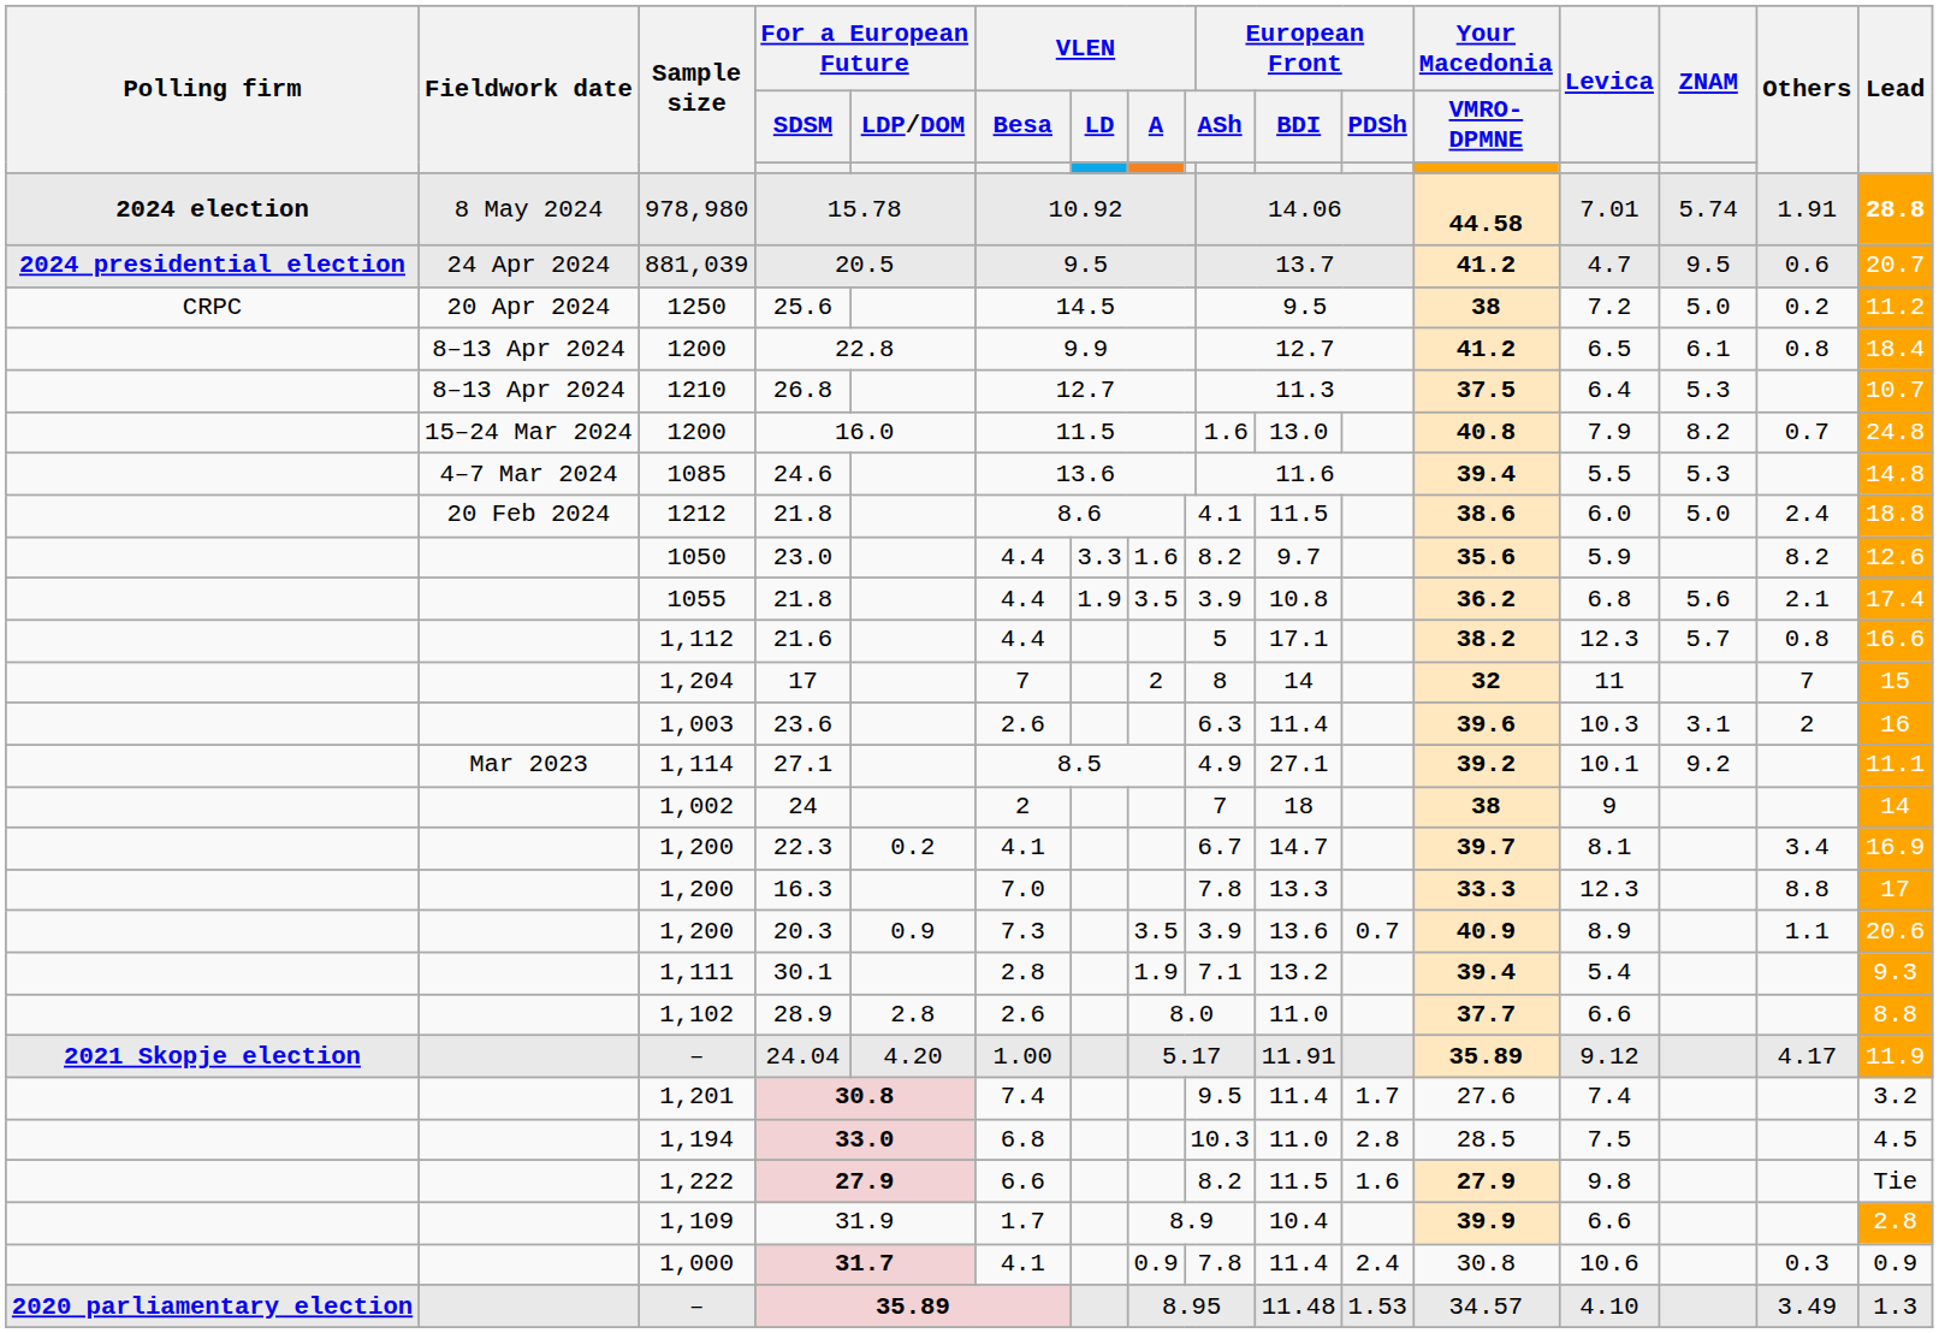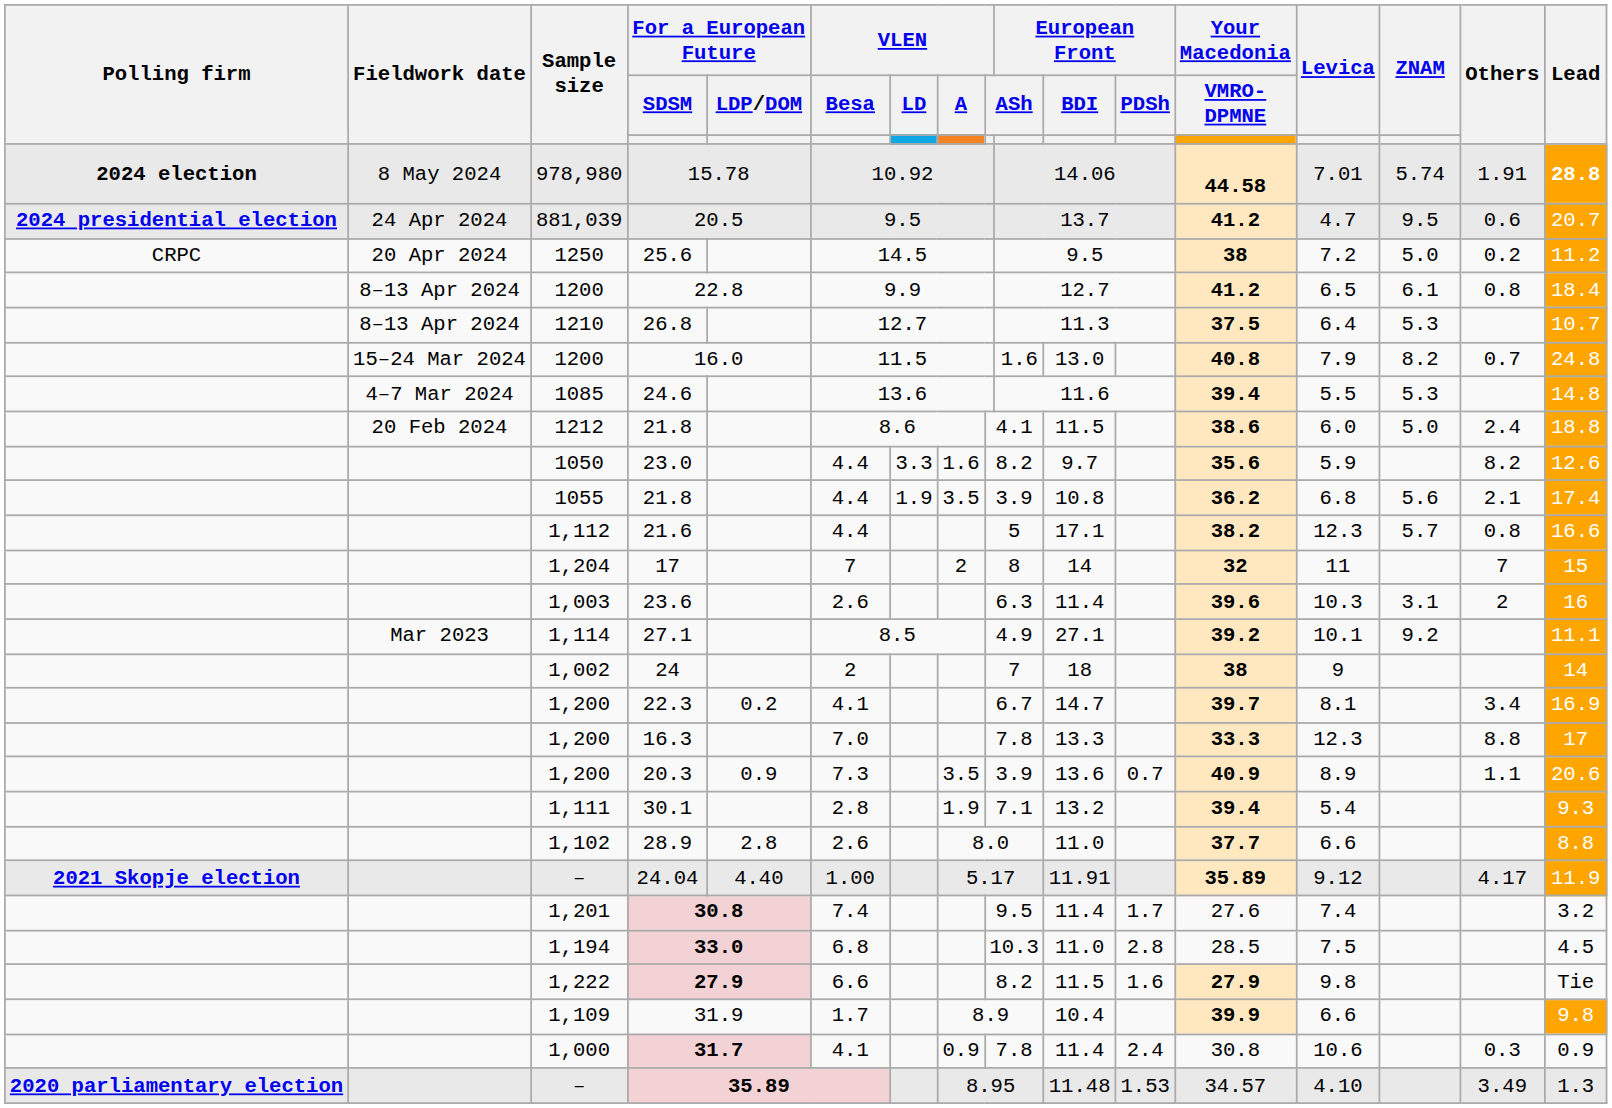 <table class="wikitable sortable tpl-blanktablele" style="text-align:center;font-size:90%;line-height:14px;">
 <tr style="height:40px;">
 <th rowspan=3>Polling firm</th>
 <th rowspan=3>Fieldwork date</th>
 <th rowspan=3>Sample<br>size</th>
 <th colspan=2><a href='#'>For a European<br>Future</a></th>
 <th colspan=4><a href='#'>VLEN</a></th>
 <th colspan=3><a href='#'>European<br>Front</a></th>
 <th class="unsortable" style="width:40px;"><a href='#'>Your Macedonia</a></th>
 <th class="unsortable" style="width:40px;" rowspan=2><a href='#'>Levica</a></th>
 <th class="unsortable" style="width:40px;" rowspan=2><a href='#'>ZNAM</a></th>
 <th class="unsortable" style="width:30px;"  rowspan=3>Others</th>
 <th style="width:30px;" rowspan=3>Lead</th>
 </tr>
 <tr>
 <th class="unsortable" style="width:40px;"><a href='#'>SDSM</a></th>
 <th><a href='#'>LDP</a>/<a href='#'>DOM</a></th>
 <th class="unsortable" style="width:40px;"><a href='#'>Besa</a></th>
 <th><a href='#'>LD</a></th>
 <th><a href='#'>A</a></th>
 <th colspan=2><a href='#'>ASh</a></th>
 <th><a href='#'>BDI</a></th>
 <th><a href='#'>PDSh</a></th>
 <th class="unsortable" style="width:40px;"><a href='#'>VMRO-DPMNE</a></th>
 </tr>
 <tr>
 <th style="background:"></th>
 <th style="background:"></th>
 <th style="background:"></th>
 <th style="background:#0DA8E5;"></th>
 <th style="background:#F58220;"></th>
 <th style="background:"></th>
 <th style="background:"></th>
 <th style="background:"></th>
 <th style="background:"></th>
 <th style="background:#FFA500;"></th>
 <th style="background:"></th>
 <th style="background:"></th>
 </tr>
 <tr style="background:#E9E9E9;">
 <td><strong>2024 election</strong></td>
 <td>8 May 2024</td>
 <td>978,980</td>
 <td colspan="2">15.78</td>
 <td colspan="4">10.92</td>
 <td colspan="3">14.06</td>
 <td style="background:#FFE8BF"><br><strong>44.58</strong></td>
 <td>7.01</td>
 <td>5.74</td>
 <td>1.91</td>
 <td style="background:#FFA500;color:#FFFFFF;"><strong>28.8</strong></td>
 </tr>
 <tr style="background:#E9E9E9;">
 <td><strong><a href='#'>2024 presidential election</a></strong></td>
 <td>24 Apr 2024</td>
 <td>881,039</td>
 <td colspan=2>20.5</td>
 <td colspan=4>9.5</td>
 <td colspan=3>13.7</td>
 <td style="background:#FFE8BF"><strong>41.2</strong></td>
 <td>4.7</td>
 <td>9.5</td>
 <td>0.6 </td>
 <td style="background:#FFA500;color:#FFFFFF;">20.7</td>
 </tr>
 <tr>
 <td>CRPC</td>
 <td>20 Apr 2024</td>
 <td>1250</td>
 <td>25.6</td>
 <td></td>
 <td colspan=4>14.5</td>
 <td colspan=3>9.5</td>
 <td style="background:#FFE8BF;"><strong>38</strong></td>
 <td>7.2</td>
 <td>5.0</td>
 <td>0.2</td>
 <td style="background:#FFA500;color:#FFFFFF;">11.2</td>
 </tr>
 <tr>
 <td></td>
 <td>8–13 Apr 2024</td>
 <td>1200</td>
 <td colspan="2">22.8</td>
 <td colspan="4">9.9</td>
 <td colspan="3">12.7</td>
 <td style="background:#FFE8BF;"><strong>41.2</strong></td>
 <td>6.5</td>
 <td>6.1</td>
 <td>0.8</td>
 <td style="background:#FFA500;color:#FFFFFF;">18.4</td>
 </tr>
 <tr>
 <td></td>
 <td>8–13 Apr 2024</td>
 <td>1210</td>
 <td>26.8</td>
 <td></td>
 <td colspan=4>12.7</td>
 <td colspan=3>11.3</td>
 <td style="background:#FFE8BF;"><strong>37.5</strong></td>
 <td>6.4</td>
 <td>5.3</td>
 <td></td>
 <td style="background:#FFA500;color:#FFFFFF;">10.7</td>
 </tr>
 <tr>
 <td></td>
 <td>15–24 Mar 2024</td>
 <td>1200</td>
 <td colspan=2>16.0</td>
 <td colspan=4>11.5</td>
 <td>1.6</td>
 <td>13.0</td>
 <td></td>
 <td style="background:#FFE8BF;"><strong>40.8</strong></td>
 <td>7.9</td>
 <td>8.2</td>
 <td>0.7</td>
 <td style="background:#FFA500;color:#FFFFFF;">24.8</td>
 </tr>
 <tr>
 <td></td>
 <td>4–7 Mar 2024</td>
 <td>1085</td>
 <td>24.6</td>
 <td></td>
 <td colspan=4>13.6</td>
 <td colspan=3>11.6</td>
 <td style="background:#FFE8BF;"><strong>39.4</strong></td>
 <td>5.5</td>
 <td>5.3</td>
 <td></td>
 <td style="background:#FFA500;color:#FFFFFF;">14.8</td>
 </tr>
 <tr>
 <td></td>
 <td>20 Feb 2024</td>
 <td>1212</td>
 <td>21.8</td>
 <td></td>
 <td colspan=3>8.6</td>
 <td colspan=2>4.1</td>
 <td>11.5</td>
 <td></td>
 <td style="background:#FFE8BF;"><strong>38.6</strong></td>
 <td>6.0</td>
 <td>5.0</td>
 <td>2.4</td>
 <td style="background:#FFA500;color:#FFFFFF;">18.8</td>
 </tr>
 <tr>
 <td></td>
 <td></td>
 <td>1050</td>
 <td>23.0</td>
 <td></td>
 <td>4.4</td>
 <td>3.3</td>
 <td>1.6</td>
 <td colspan=2>8.2</td>
 <td>9.7</td>
 <td></td>
 <td style="background:#FFE8BF;"><strong>35.6</strong></td>
 <td>5.9</td>
 <td></td>
 <td>8.2</td>
 <td style="background:#FFA500;color:#FFFFFF;">12.6</td>
 </tr>
 <tr>
 <td></td>
 <td></td>
 <td>1055</td>
 <td>21.8</td>
 <td></td>
 <td>4.4</td>
 <td>1.9</td>
 <td>3.5</td>
 <td colspan=2>3.9</td>
 <td>10.8</td>
 <td></td>
 <td style="background:#FFE8BF;"><strong>36.2</strong></td>
 <td>6.8</td>
 <td>5.6</td>
 <td>2.1</td>
 <td style="background:#FFA500;color:#FFFFFF;">17.4</td>
 </tr>
 <tr>
 <td></td>
 <td></td>
 <td>1,112</td>
 <td>21.6</td>
 <td></td>
 <td>4.4</td>
 <td></td>
 <td></td>
 <td colspan=2>5</td>
 <td>17.1</td>
 <td></td>
 <td style="background:#FFE8BF;"><strong>38.2</strong></td>
 <td>12.3</td>
 <td>5.7</td>
 <td>0.8</td>
 <td style="background:#FFA500;color:#FFFFFF;">16.6</td>
 </tr>
 <tr>
 <td></td>
 <td></td>
 <td>1,204</td>
 <td>17</td>
 <td></td>
 <td>7</td>
 <td></td>
 <td>2</td>
 <td colspan=2>8</td>
 <td>14</td>
 <td></td>
 <td style="background:#FFE8BF;"><strong>32</strong></td>
 <td>11</td>
 <td></td>
 <td>7</td>
 <td style="background:#FFA500;color:#FFFFFF;">15</td>
 </tr>
 <tr>
 <td></td>
 <td></td>
 <td>1,003</td>
 <td>23.6</td>
 <td></td>
 <td>2.6</td>
 <td></td>
 <td></td>
 <td colspan=2>6.3</td>
 <td>11.4</td>
 <td></td>
 <td style="background:#FFE8BF;"><strong>39.6</strong></td>
 <td>10.3</td>
 <td>3.1</td>
 <td>2</td>
 <td style="background:#FFA500;color:#FFFFFF;">16</td>
 </tr>
 <tr>
 <td></td>
 <td>Mar 2023</td>
 <td>1,114</td>
 <td>27.1</td>
 <td></td>
 <td colspan=3>8.5</td>
 <td colspan=2>4.9</td>
 <td>27.1</td>
 <td></td>
 <td style="background:#FFE8BF;"><strong>39.2</strong></td>
 <td>10.1</td>
 <td>9.2</td>
 <td></td>
 <td style="background:#FFA500;color:#FFFFFF;">11.1</td>
 </tr>
 <tr>
 <td></td>
 <td></td>
 <td>1,002</td>
 <td>24</td>
 <td></td>
 <td>2</td>
 <td></td>
 <td></td>
 <td colspan=2>7</td>
 <td>18</td>
 <td></td>
 <td style="background:#FFE8BF;"><strong>38</strong></td>
 <td>9</td>
 <td></td>
 <td></td>
 <td style="background:#FFA500;color:#FFFFFF;">14</td>
 </tr>
 <tr>
 <td></td>
 <td></td>
 <td>1,200</td>
 <td>22.3</td>
 <td>0.2</td>
 <td>4.1</td>
 <td></td>
 <td></td>
 <td colspan=2>6.7</td>
 <td>14.7</td>
 <td></td>
 <td style="background:#FFE8BF;"><strong>39.7</strong></td>
 <td>8.1</td>
 <td></td>
 <td>3.4</td>
 <td style="background:#FFA500;color:#FFFFFF;">16.9</td>
 </tr>
 <tr>
 <td></td>
 <td></td>
 <td>1,200</td>
 <td>16.3</td>
 <td></td>
 <td>7.0</td>
 <td></td>
 <td></td>
 <td colspan=2>7.8</td>
 <td>13.3</td>
 <td></td>
 <td style="background:#FFE8BF;"><strong>33.3</strong></td>
 <td>12.3</td>
 <td></td>
 <td>8.8</td>
 <td style="background:#FFA500;color:#FFFFFF;">17</td>
 </tr>
 <tr>
 <td></td>
 <td></td>
 <td>1,200</td>
 <td>20.3</td>
 <td>0.9</td>
 <td>7.3</td>
 <td></td>
 <td>3.5</td>
 <td colspan=2>3.9</td>
 <td>13.6</td>
 <td>0.7</td>
 <td style="background:#FFE8BF;"><strong>40.9</strong></td>
 <td>8.9</td>
 <td></td>
 <td>1.1</td>
 <td style="background:#FFA500;color:#FFFFFF;">20.6</td>
 </tr>
 <tr>
 <td></td>
 <td></td>
 <td>1,111</td>
 <td>30.1</td>
 <td></td>
 <td>2.8</td>
 <td></td>
 <td>1.9</td>
 <td colspan=2>7.1</td>
 <td>13.2</td>
 <td></td>
 <td style="background:#FFE8BF;"><strong>39.4</strong></td>
 <td>5.4</td>
 <td></td>
 <td></td>
 <td style="background:#FFA500;color:#FFFFFF;">9.3</td>
 </tr>
 <tr>
 <td></td>
 <td></td>
 <td>1,102</td>
 <td>28.9</td>
 <td>2.8</td>
 <td>2.6</td>
 <td></td>
 <td colspan="3">8.0</td>
 <td>11.0</td>
 <td></td>
 <td style="background:#FFE8BF;"><strong>37.7</strong></td>
 <td>6.6</td>
 <td></td>
 <td></td>
 <td style="background:#FFA500;color:#FFFFFF;">8.8</td>
 </tr>
 <tr style="background:#E9E9E9;">
 <td><strong><a href='#'>2021 Skopje election</a></strong></td>
 <td></td>
 <td>–</td>
 <td>24.04</td>
-<td>4.20</td>
+<td>4.40</td>
 <td>1.00</td>
 <td></td>
 <td colspan="3">5.17</td>
 <td>11.91</td>
 <td></td>
 <td style="background:#FFE8BF;"><strong>35.89</strong></td>
 <td>9.12</td>
 <td></td>
 <td>4.17</td>
 <td style="background:#FFA500;color:#FFFFFF;">11.9</td>
 </tr>
 <tr>
 <td></td>
 <td></td>
 <td>1,201</td>
 <td colspan="2" style="background:#F2D2D4;"><strong>30.8</strong></td>
 <td>7.4</td>
 <td></td>
 <td></td>
 <td colspan=2>9.5</td>
 <td>11.4</td>
 <td>1.7</td>
 <td>27.6</td>
 <td>7.4</td>
 <td></td>
 <td></td>
 <td style="background:">3.2</td>
 </tr>
 <tr>
 <td></td>
 <td></td>
 <td>1,194</td>
 <td colspan="2" style="background:#F2D2D4;"><strong>33.0</strong></td>
 <td>6.8</td>
 <td></td>
 <td></td>
 <td colspan=2>10.3</td>
 <td>11.0</td>
 <td>2.8</td>
 <td>28.5</td>
 <td>7.5</td>
 <td></td>
 <td></td>
 <td style="background:">4.5</td>
 </tr>
 <tr>
 <td></td>
 <td></td>
 <td>1,222</td>
 <td colspan="2" style="background:#F2D2D4;"><strong>27.9</strong></td>
 <td>6.6</td>
 <td></td>
 <td></td>
 <td colspan=2>8.2</td>
 <td>11.5</td>
 <td>1.6</td>
 <td style="background:#FFE8BF;"><strong>27.9</strong></td>
 <td>9.8</td>
 <td></td>
 <td></td>
 <td>Tie</td>
 </tr>
 <tr>
 <td></td>
 <td></td>
 <td>1,109</td>
 <td colspan="2">31.9</td>
 <td>1.7</td>
 <td></td>
 <td colspan="3">8.9</td>
 <td>10.4</td>
 <td></td>
 <td style="background:#FFE8BF;"><strong>39.9</strong></td>
 <td>6.6</td>
 <td></td>
 <td></td>
-<td style="background:#FFA500;color:#FFFFFF;">2.8</td>
+<td style="background:#FFA500;color:#FFFFFF;">9.8</td>
 </tr>
 <tr>
 <td></td>
 <td></td>
 <td>1,000</td>
 <td colspan="2" style="background:#F2D2D4;"><strong>31.7</strong></td>
 <td>4.1</td>
 <td></td>
 <td>0.9</td>
 <td colspan=2>7.8</td>
 <td>11.4</td>
 <td>2.4</td>
 <td>30.8</td>
 <td>10.6</td>
 <td></td>
 <td>0.3</td>
 <td style="background:">0.9</td>
 </tr>
 <tr style="background:#E9E9E9;">
 <td><strong><a href='#'>2020 parliamentary election</a></strong></td>
 <td></td>
 <td>–</td>
 <td colspan="3" style="background:#F2D2D4;"><strong>35.89</strong></td>
 <td></td>
 <td colspan="3">8.95</td>
 <td>11.48</td>
 <td>1.53</td>
 <td>34.57</td>
 <td>4.10</td>
 <td></td>
 <td>3.49</td>
 <td style="background:">1.3</td>
 </tr>
 </table>
